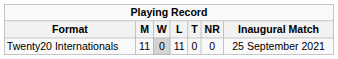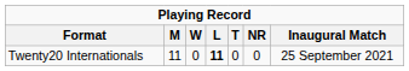 <table class="wikitable" style="text-align: center; width: 500px;">
 <tr>
 <td colspan=7 align="center"><strong>Playing Record</strong></td>
 </tr>
 <tr>
 <th>Format</th>
 <th>M</th>
 <th>W</th>
 <th>L</th>
 <th>T</th>
 <th>NR</th>
 <th>Inaugural Match</th>
 </tr>
 <tr>
 <td align="left">Twenty20 Internationals</td>
 <td>11</td>
-<td style="background: lightgrey;">0</td>
-<td>11</td>
+<td>0</td>
+<td><strong>11</strong></td>
 <td>0</td>
 <td>0</td>
 <td>25 September 2021</td>
 </tr>
 </table>
